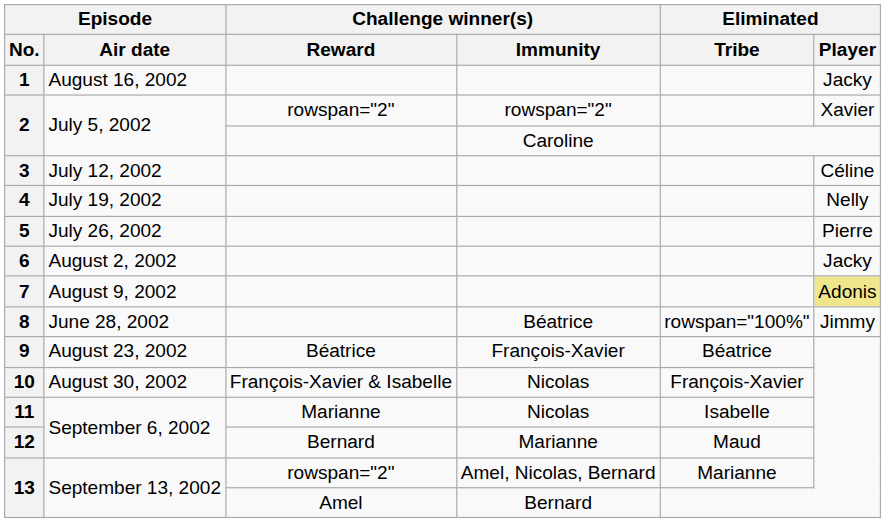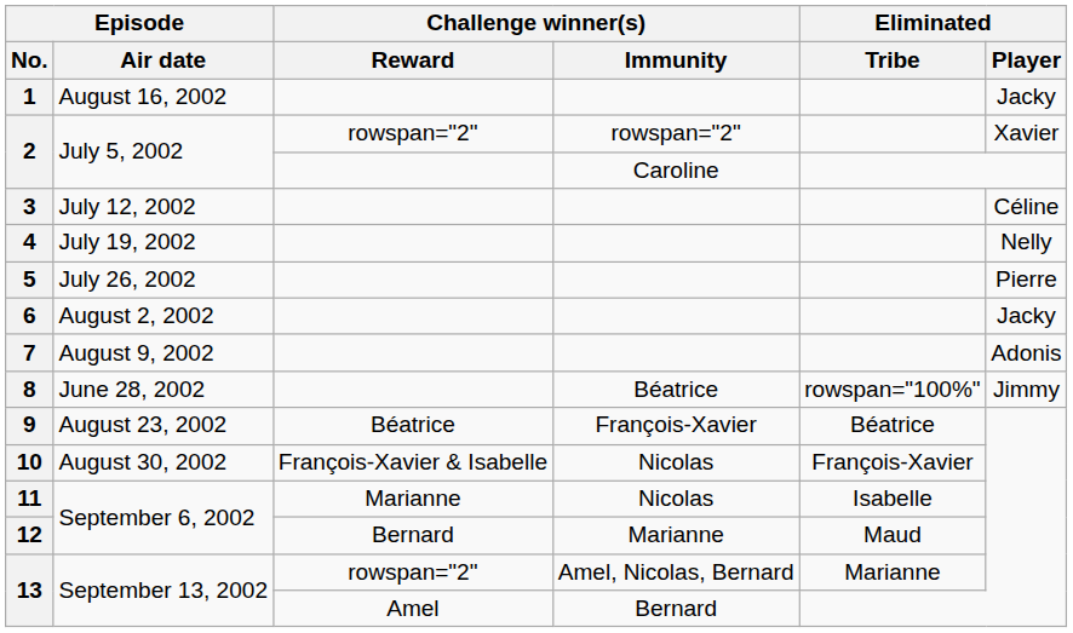 <table class="wikitable unsortable" style="text-align:center;">
 <tr>
 <th colspan="2" scope="col">Episode</th>
 <th colspan="2" scope="col">Challenge winner(s)</th>
 <th colspan="2" scope="col">Eliminated</th>
 </tr>
 <tr>
 <th scope="col">No.</th>
 <th scope="col">Air date</th>
 <th scope="col">Reward</th>
 <th scope="col">Immunity</th>
 <th scope="col">Tribe</th>
 <th scope="col">Player</th>
 </tr>
 <tr>
 <th scope="col">1</th>
 <td align="left">August 16, 2002</td>
 <td></td>
 <td></td>
 <td></td>
 <td>Jacky</td>
 </tr>
 <tr>
 <th rowspan="2" scope="col">2</th>
 <td rowspan="2" align="left">July 5, 2002</td>
 <td>rowspan="2" </td>
 <td>rowspan="2" </td>
 <td></td>
 <td>Xavier</td>
 </tr>
 <tr>
 <td></td>
 <td>Caroline</td>
 </tr>
 <tr>
 <th scope="col">3</th>
 <td align="left">July 12, 2002</td>
 <td></td>
 <td></td>
 <td></td>
 <td>Céline</td>
 </tr>
 <tr>
 <th scope="col">4</th>
 <td align="left">July 19, 2002</td>
 <td></td>
 <td></td>
 <td></td>
 <td>Nelly</td>
 </tr>
 <tr>
 <th scope="col">5</th>
 <td align="left">July 26, 2002</td>
 <td></td>
 <td></td>
 <td></td>
 <td>Pierre</td>
 </tr>
 <tr>
 <th scope="col">6</th>
 <td align="left">August 2, 2002</td>
 <td></td>
 <td></td>
 <td></td>
 <td>Jacky</td>
 </tr>
 <tr>
 <th scope="col">7</th>
 <td align="left">August 9, 2002</td>
 <td></td>
 <td></td>
 <td></td>
-<td style="background: khaki;">Adonis</td>
+<td>Adonis</td>
 </tr>
 <tr>
 <th scope="col">8</th>
 <td align="left">June 28, 2002</td>
 <td></td>
 <td>Béatrice</td>
 <td>rowspan="100%" </td>
 <td>Jimmy</td>
 </tr>
 <tr>
 <th scope="col">9</th>
 <td align="left">August 23, 2002</td>
 <td>Béatrice</td>
 <td>François-Xavier</td>
 <td>Béatrice</td>
 </tr>
 <tr>
 <th scope="col">10</th>
 <td align="left">August 30, 2002</td>
 <td>François-Xavier & Isabelle</td>
 <td>Nicolas</td>
 <td>François-Xavier</td>
 </tr>
 <tr>
 <th scope="col">11</th>
 <td rowspan="2" align="left">September 6, 2002</td>
 <td>Marianne</td>
 <td>Nicolas</td>
 <td>Isabelle</td>
 </tr>
 <tr>
 <th scope="col">12</th>
 <td>Bernard</td>
 <td>Marianne</td>
 <td>Maud</td>
 </tr>
 <tr>
 <th rowspan="2" scope="col">13</th>
 <td rowspan="2" align="left">September 13, 2002</td>
 <td>rowspan="2" </td>
 <td>Amel, Nicolas, Bernard</td>
 <td>Marianne</td>
 </tr>
 <tr>
 <td>Amel</td>
 <td>Bernard</td>
 </tr>
 </table>
